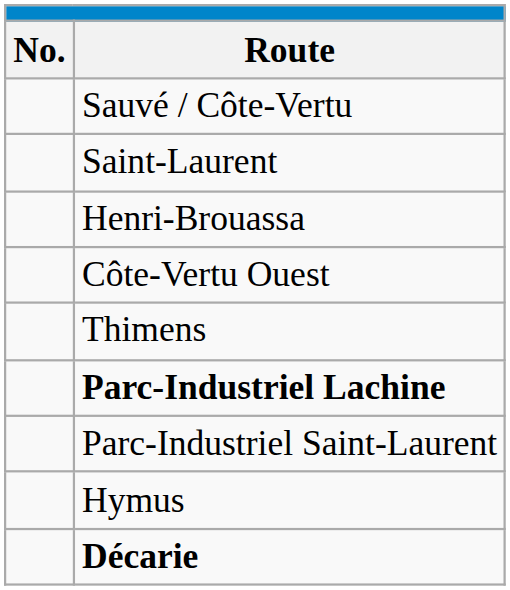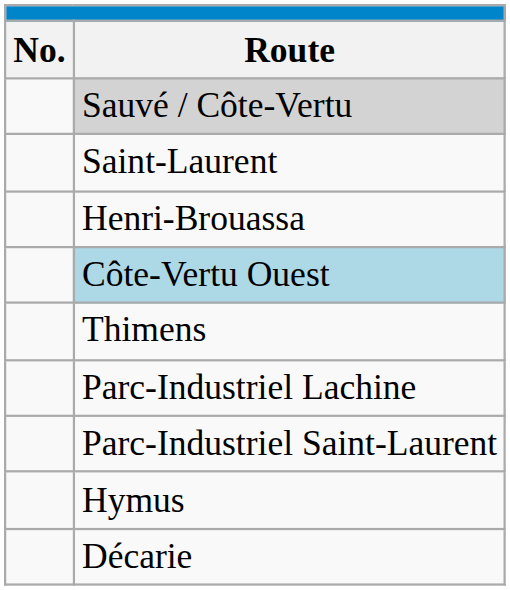 <table align=center class="wikitable">
 <tr>
 <th style="background: #0085CA; font-size:100%; color:#FFFFFF;"colspan="4"><a href='#'></a></th>
 </tr>
 <tr>
 <th>No.</th>
 <th>Route</th>
 </tr>
 <tr>
 <td></td>
-<td>Sauvé / Côte-Vertu</td>
+<td style="background: lightgrey;">Sauvé / Côte-Vertu</td>
 </tr>
 <tr>
 <td></td>
 <td>Saint-Laurent</td>
 </tr>
 <tr>
 <td></td>
 <td>Henri-Brouassa</td>
 </tr>
 <tr>
 <td></td>
-<td>Côte-Vertu Ouest</td>
+<td style="background: lightblue;">Côte-Vertu Ouest</td>
 </tr>
 <tr>
 <td></td>
 <td>Thimens</td>
 </tr>
 <tr>
 <td></td>
-<td><strong>Parc-Industriel Lachine</strong></td>
+<td>Parc-Industriel Lachine</td>
 </tr>
 <tr>
 <td></td>
 <td>Parc-Industriel Saint-Laurent</td>
 </tr>
 <tr>
 <td></td>
 <td>Hymus</td>
 </tr>
 <tr>
 <td {{Avoid wrap> </td>
-<td><strong>Décarie</strong></td>
+<td>Décarie</td>
 </tr>
 </table>
